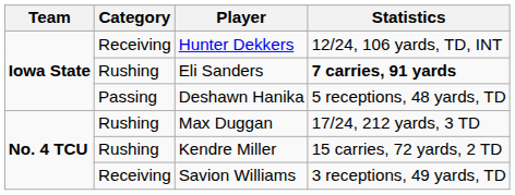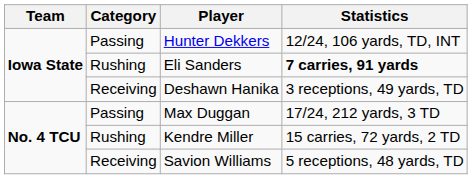 <table class="wikitable" style="float: right;">
 <tr>
 <th>Team</th>
 <th>Category</th>
 <th>Player</th>
 <th>Statistics</th>
 </tr>
 <tr>
 <td rowspan=3><strong>Iowa State</strong></td>
-<td>Receiving</td>
+<td>Passing</td>
 <td><a href='#'>Hunter Dekkers</a></td>
 <td>12/24, 106 yards, TD, INT</td>
 </tr>
 <tr>
 <td>Rushing</td>
 <td>Eli Sanders</td>
 <td><strong>7 carries, 91 yards</strong></td>
 </tr>
 <tr>
-<td>Passing</td>
+<td>Receiving</td>
 <td>Deshawn Hanika</td>
-<td>5 receptions, 48 yards, TD</td>
+<td>3 receptions, 49 yards, TD</td>
 </tr>
 <tr>
 <td rowspan=3><strong>No. 4 TCU</strong></td>
-<td>Rushing</td>
+<td>Passing</td>
 <td>Max Duggan</td>
 <td>17/24, 212 yards, 3 TD</td>
 </tr>
 <tr>
 <td>Rushing</td>
 <td>Kendre Miller</td>
 <td>15 carries, 72 yards, 2 TD</td>
 </tr>
 <tr>
 <td>Receiving</td>
 <td>Savion Williams</td>
-<td>3 receptions, 49 yards, TD</td>
+<td>5 receptions, 48 yards, TD</td>
 </tr>
 </table>
